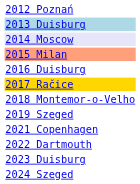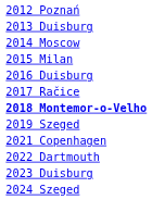 <table>
 <tr>
 <td><a href='#'>2012 Poznań</a></td>
 <td></td>
 <td></td>
 <td></td>
 </tr>
 <tr>
-<td style="background: lightblue;"><a href='#'>2013 Duisburg</a></td>
+<td><a href='#'>2013 Duisburg</a></td>
 <td></td>
 <td></td>
 <td></td>
 </tr>
 <tr>
-<td style="background: lavender;"><a href='#'>2014 Moscow</a></td>
+<td><a href='#'>2014 Moscow</a></td>
 <td></td>
 <td></td>
 <td></td>
 </tr>
 <tr>
-<td style="background: lightsalmon;"><a href='#'>2015 Milan</a></td>
+<td><a href='#'>2015 Milan</a></td>
 <td></td>
 <td></td>
 <td></td>
 </tr>
 <tr>
 <td><a href='#'>2016 Duisburg</a></td>
 <td></td>
 <td></td>
 <td></td>
 </tr>
 <tr>
-<td style="background: gold;"><a href='#'>2017 Račice</a></td>
+<td><a href='#'>2017 Račice</a></td>
 <td></td>
 <td></td>
 <td></td>
 </tr>
 <tr>
-<td><a href='#'>2018 Montemor-o-Velho</a></td>
+<td><strong><a href='#'>2018 Montemor-o-Velho</a></strong></td>
 <td></td>
 <td></td>
 <td></td>
 </tr>
 <tr>
 <td><a href='#'>2019 Szeged</a></td>
 <td></td>
 <td></td>
 <td></td>
 </tr>
 <tr>
 <td><a href='#'>2021 Copenhagen</a></td>
 <td></td>
 <td></td>
 <td></td>
 </tr>
 <tr>
 <td><a href='#'>2022 Dartmouth</a></td>
 <td></td>
 <td></td>
 <td></td>
 </tr>
 <tr>
 <td><a href='#'>2023 Duisburg</a></td>
 <td></td>
 <td></td>
 <td></td>
 </tr>
 <tr>
 <td><a href='#'>2024 Szeged</a></td>
 <td></td>
 <td></td>
 <td></td>
 </tr>
 </table>
